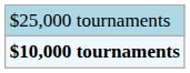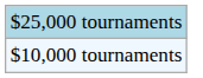 <table class="wikitable" style="font-size:85%">
 <tr style="background:lightblue;">
 <td>$25,000 tournaments</td>
 </tr>
 <tr style="background:#f0f8ff;">
-<td><strong>$10,000 tournaments</strong></td>
+<td>$10,000 tournaments</td>
 </tr>
 </table>
